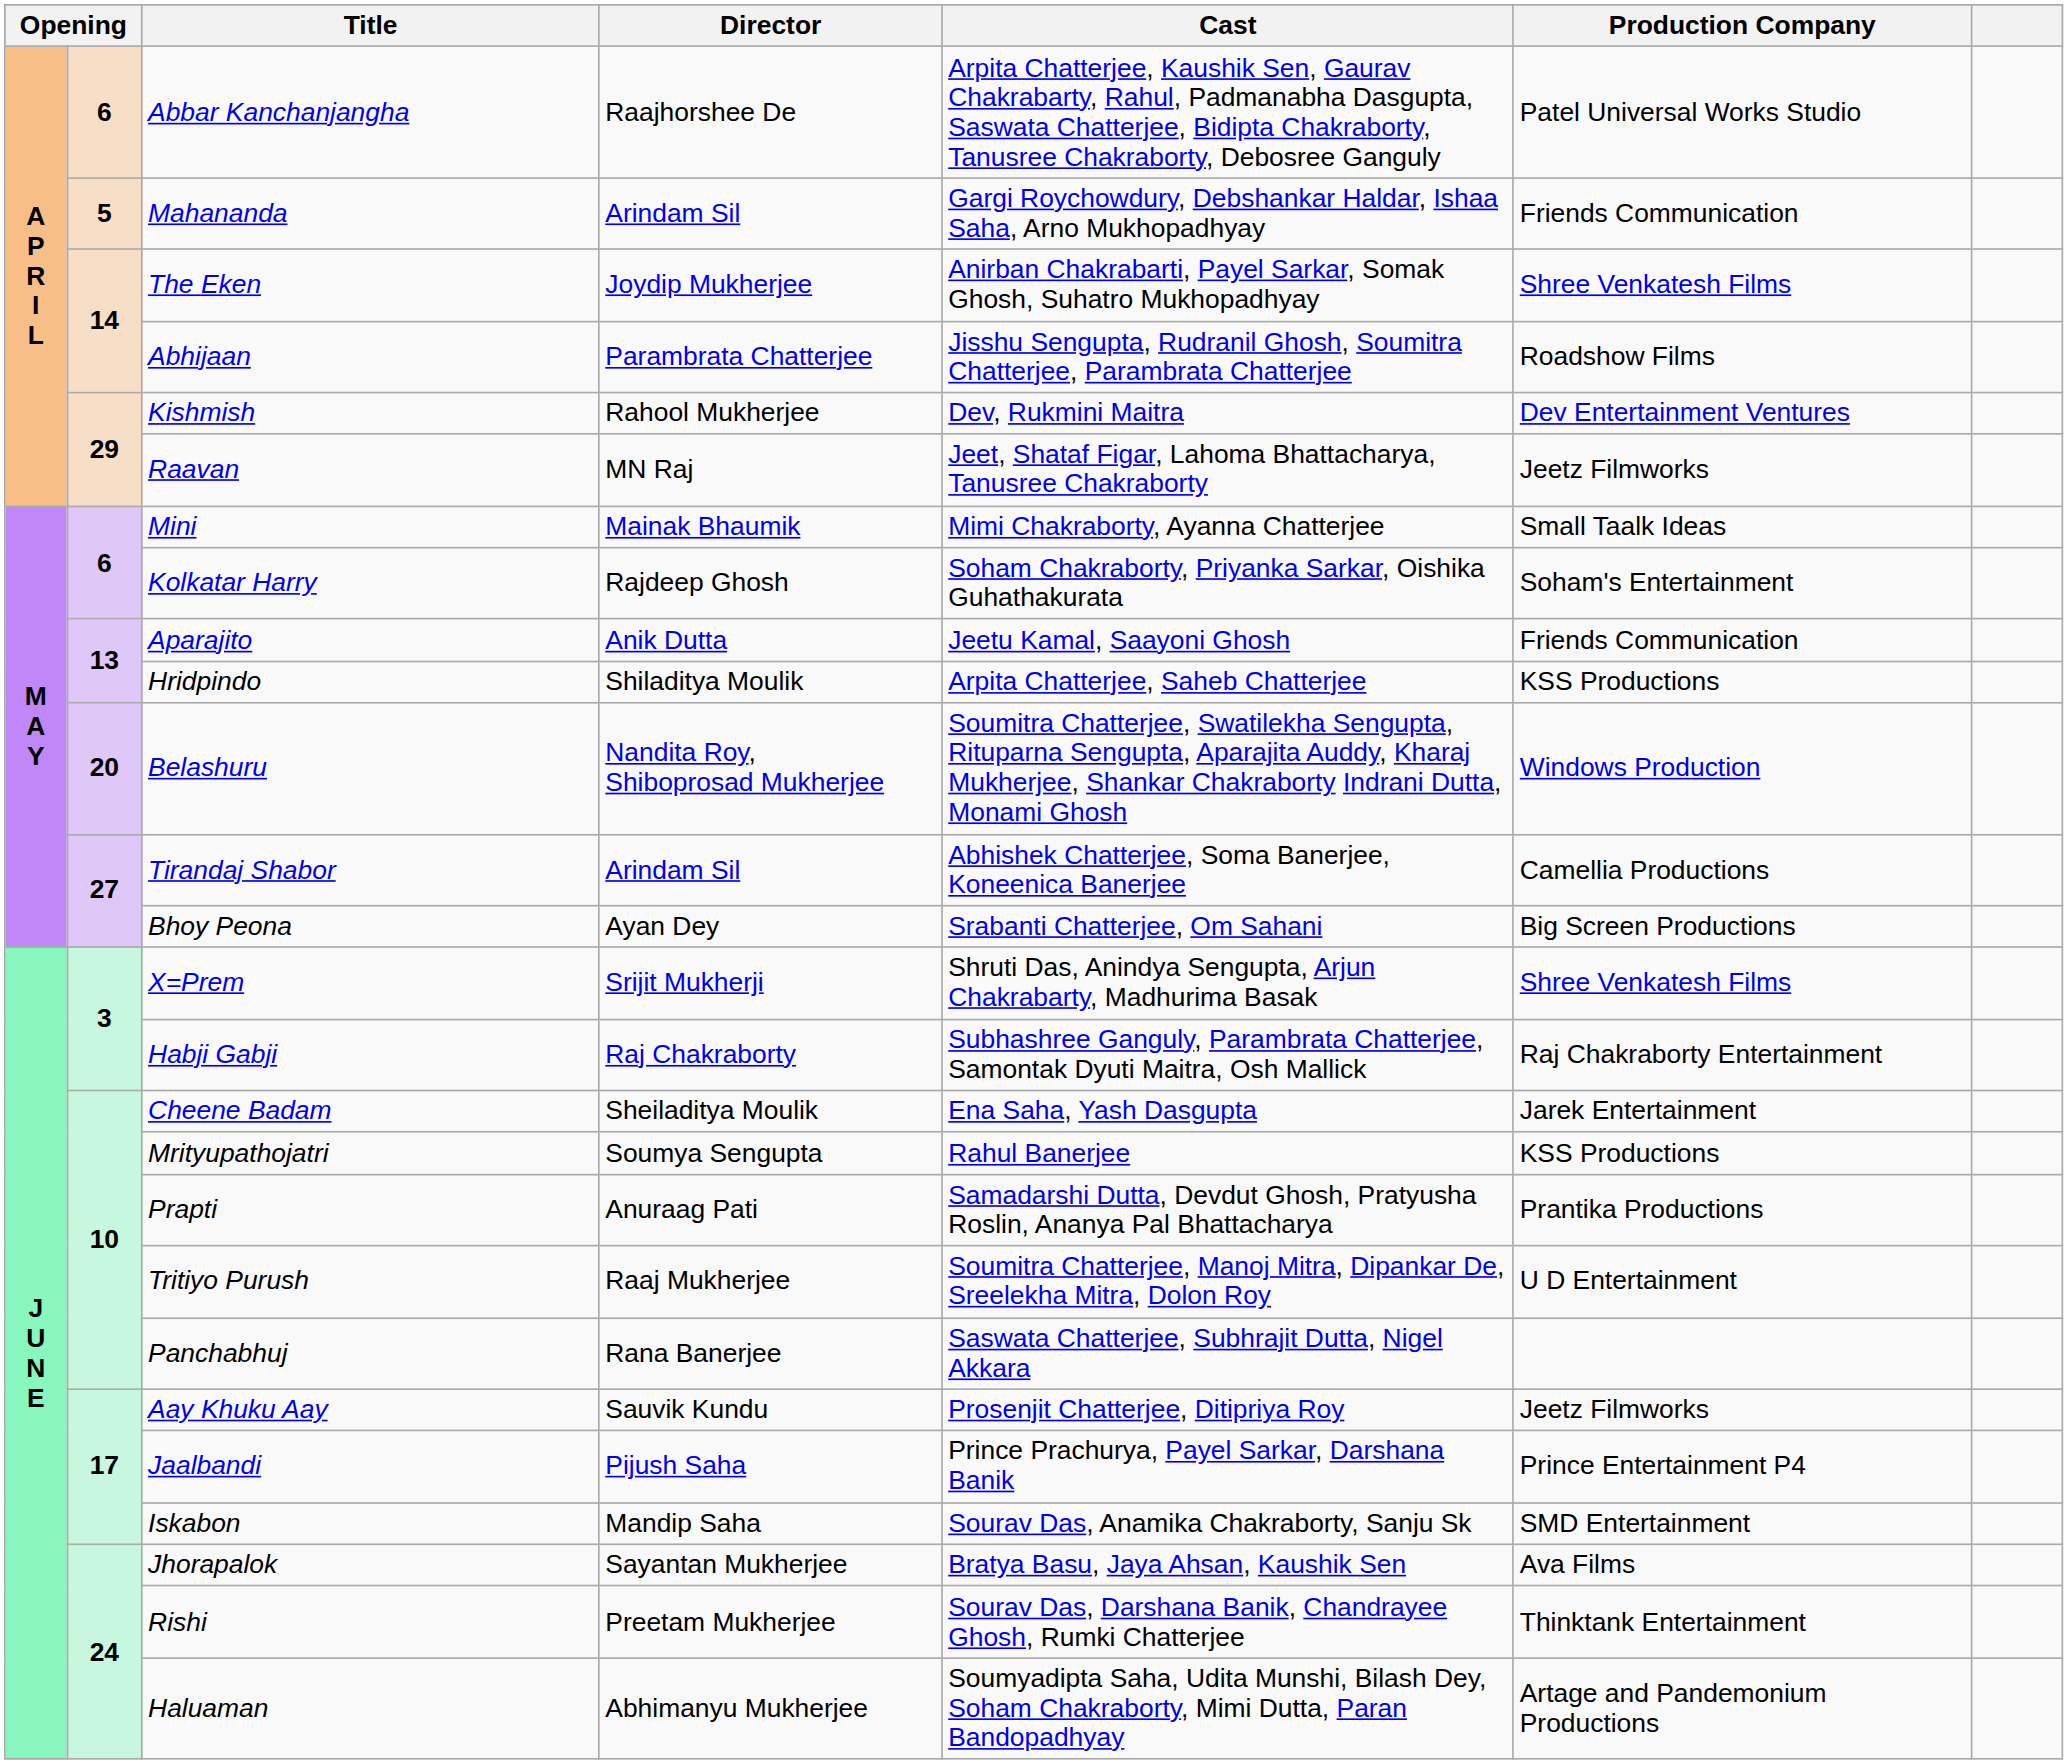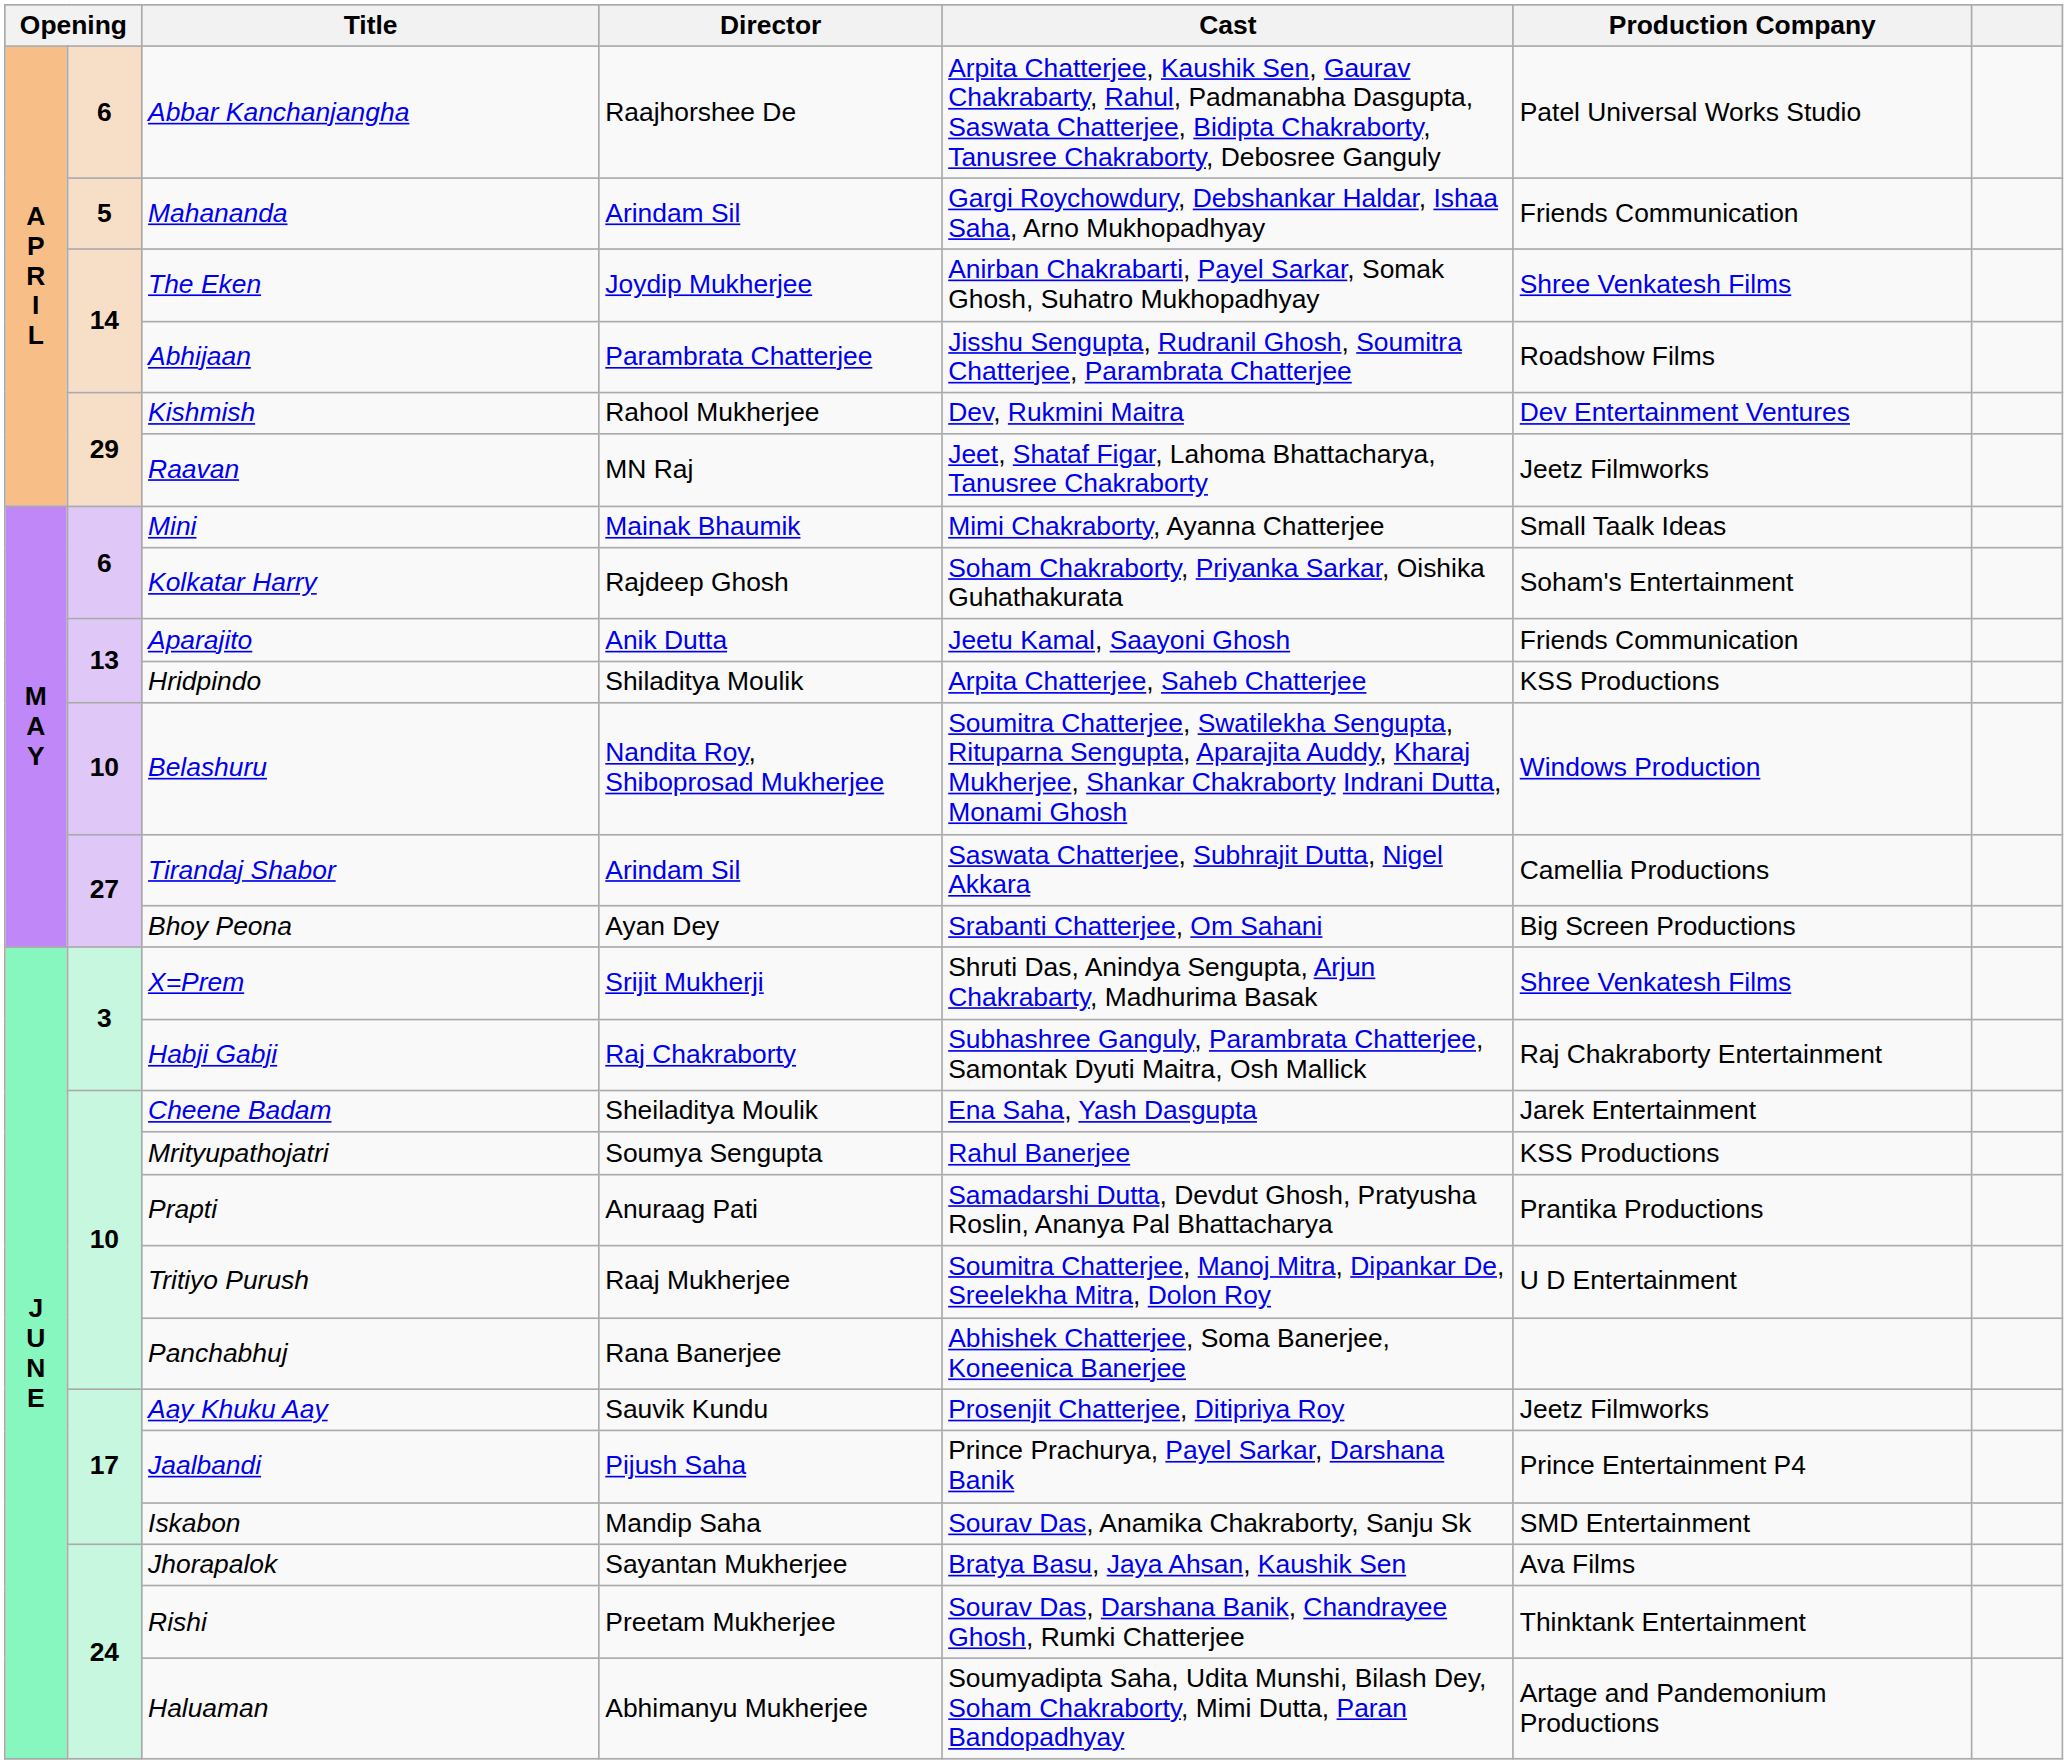 <table class="wikitable sortable">
 <tr style="background:#b0e0e6; text-align:center;">
 <th colspan="2" style="width:6%;"><strong>Opening</strong></th>
 <th style="width:20%;"><strong>Title</strong></th>
 <th style="width:15%;"><strong>Director</strong></th>
 <th style="width:25%;"><strong>Cast</strong></th>
 <th style="width:20%;">Production Company</th>
 <th style="width:4%;"><strong></strong></th>
 </tr>
 <tr>
 <th rowspan="6" style="text-align:center; background:#f7bf87; text color:#000;">A <br>P <br>R <br>I <br>L</th>
 <td rowspan="1" style="text-align:center; background:#f7dfc7"><strong>6</strong></td>
 <td><em><a href='#'>Abbar Kanchanjangha</a></em></td>
 <td>Raajhorshee De</td>
 <td><a href='#'>Arpita Chatterjee</a>, <a href='#'>Kaushik Sen</a>, <a href='#'>Gaurav Chakrabarty</a>, <a href='#'>Rahul</a>, Padmanabha Dasgupta, <a href='#'>Saswata Chatterjee</a>, <a href='#'>Bidipta Chakraborty</a>, <a href='#'>Tanusree Chakraborty</a>, Debosree Ganguly</td>
 <td>Patel Universal Works Studio</td>
 <td></td>
 </tr>
 <tr>
 <td rowspan="1" style="text-align:center; background:#f7dfc7"><strong>5</strong></td>
 <td><em><a href='#'>Mahananda</a></em></td>
 <td><a href='#'>Arindam Sil</a></td>
 <td><a href='#'>Gargi Roychowdury</a>, <a href='#'>Debshankar Haldar</a>, <a href='#'>Ishaa Saha</a>, Arno Mukhopadhyay</td>
 <td>Friends Communication</td>
 <td></td>
 </tr>
 <tr>
 <td rowspan="2" style="text-align:center; background:#f7dfc7"><strong>14</strong></td>
 <td><em><a href='#'>The Eken</a></em></td>
 <td><a href='#'>Joydip Mukherjee</a></td>
 <td><a href='#'>Anirban Chakrabarti</a>, <a href='#'>Payel Sarkar</a>, Somak Ghosh, Suhatro Mukhopadhyay</td>
 <td><a href='#'>Shree Venkatesh Films</a></td>
 <td></td>
 </tr>
 <tr>
 <td><em><a href='#'>Abhijaan</a></em></td>
 <td><a href='#'>Parambrata Chatterjee</a></td>
 <td><a href='#'>Jisshu Sengupta</a>, <a href='#'>Rudranil Ghosh</a>, <a href='#'>Soumitra Chatterjee</a>, <a href='#'>Parambrata Chatterjee</a></td>
 <td>Roadshow Films</td>
 <td></td>
 </tr>
 <tr>
 <td rowspan="2" style="text-align:center; background:#f7dfc7"><strong>29</strong></td>
 <td><em><a href='#'>Kishmish</a></em></td>
 <td>Rahool Mukherjee</td>
 <td><a href='#'>Dev</a>, <a href='#'>Rukmini Maitra</a></td>
 <td><a href='#'>Dev Entertainment Ventures</a></td>
 <td></td>
 </tr>
 <tr>
 <td><em><a href='#'>Raavan</a></em></td>
 <td>MN Raj</td>
 <td><a href='#'>Jeet</a>, <a href='#'>Shataf Figar</a>, Lahoma Bhattacharya, <a href='#'>Tanusree Chakraborty</a></td>
 <td>Jeetz Filmworks</td>
 <td></td>
 </tr>
 <tr>
 <th rowspan="7" style="text-align:center; background:#bf87f7">M<br>A<br>Y</th>
 <td rowspan="2" style="text-align:center; background:#dfc7f7"><strong>6</strong></td>
 <td><em><a href='#'>Mini</a></em></td>
 <td><a href='#'>Mainak Bhaumik</a></td>
 <td><a href='#'>Mimi Chakraborty</a>, Ayanna Chatterjee</td>
 <td>Small Taalk Ideas</td>
 <td></td>
 </tr>
 <tr>
 <td><em><a href='#'>Kolkatar Harry</a></em></td>
 <td>Rajdeep Ghosh</td>
 <td><a href='#'>Soham Chakraborty</a>, <a href='#'>Priyanka Sarkar</a>, Oishika Guhathakurata</td>
 <td>Soham's Entertainment</td>
 <td></td>
 </tr>
 <tr>
 <td rowspan="2" style="text-align:center; background:#dfc7f7"><strong>13</strong></td>
 <td><em><a href='#'>Aparajito</a></em></td>
 <td><a href='#'>Anik Dutta</a></td>
 <td><a href='#'>Jeetu Kamal</a>, <a href='#'>Saayoni Ghosh</a></td>
 <td>Friends Communication</td>
 <td></td>
 </tr>
 <tr>
 <td><em>Hridpindo</em></td>
 <td>Shiladitya Moulik</td>
 <td><a href='#'>Arpita Chatterjee</a>, <a href='#'>Saheb Chatterjee</a></td>
 <td>KSS Productions</td>
 <td></td>
 </tr>
 <tr>
-<td rowspan="1" style="text-align:center; background:#dfc7f7"><strong>20</strong></td>
+<td rowspan="1" style="text-align:center; background:#dfc7f7"><strong>10</strong></td>
 <td><em><a href='#'>Belashuru</a></em></td>
 <td><a href='#'>Nandita Roy</a>,<br><a href='#'>Shiboprosad Mukherjee</a></td>
 <td><a href='#'>Soumitra Chatterjee</a>, <a href='#'>Swatilekha Sengupta</a>, <a href='#'>Rituparna Sengupta</a>, <a href='#'>Aparajita Auddy</a>, <a href='#'>Kharaj Mukherjee</a>, <a href='#'>Shankar Chakraborty</a> <a href='#'>Indrani Dutta</a>, <a href='#'>Monami Ghosh</a></td>
 <td><a href='#'>Windows Production</a></td>
 <td></td>
 </tr>
 <tr>
 <td rowspan="2" style="text-align:center; background:#dfc7f7"><strong>27</strong></td>
 <td><em><a href='#'>Tirandaj Shabor</a></em></td>
 <td><a href='#'>Arindam Sil</a></td>
-<td><a href='#'>Abhishek Chatterjee</a>, Soma Banerjee, <a href='#'>Koneenica Banerjee</a></td>
+<td><a href='#'>Saswata Chatterjee</a>, <a href='#'>Subhrajit Dutta</a>, <a href='#'>Nigel Akkara</a></td>
 <td>Camellia Productions</td>
 <td></td>
 </tr>
 <tr>
 <td><em>Bhoy Peona</em></td>
 <td>Ayan Dey</td>
 <td><a href='#'>Srabanti Chatterjee</a>, <a href='#'>Om Sahani</a></td>
 <td>Big Screen Productions</td>
 <td></td>
 </tr>
 <tr>
 <th rowspan="13" style="text-align:center; background:#87f7bf">J<br>U<br>N<br>E</th>
 <td rowspan="2" style="text-align:center; background:#c7f7df"><strong>3</strong></td>
 <td><em><a href='#'>X=Prem</a></em></td>
 <td><a href='#'>Srijit Mukherji</a></td>
 <td>Shruti Das, Anindya Sengupta, <a href='#'>Arjun Chakrabarty</a>, Madhurima Basak</td>
 <td><a href='#'>Shree Venkatesh Films</a></td>
 <td></td>
 </tr>
 <tr>
 <td><em><a href='#'>Habji Gabji</a></em></td>
 <td><a href='#'>Raj Chakraborty</a></td>
 <td><a href='#'>Subhashree Ganguly</a>, <a href='#'>Parambrata Chatterjee</a>, Samontak Dyuti Maitra, Osh Mallick</td>
 <td>Raj Chakraborty Entertainment</td>
 <td></td>
 </tr>
 <tr>
 <td rowspan="5" style="text-align:center; background:#c7f7df"><strong>10</strong></td>
 <td><em><a href='#'>Cheene Badam</a></em></td>
 <td>Sheiladitya Moulik</td>
 <td><a href='#'>Ena Saha</a>, <a href='#'>Yash Dasgupta</a></td>
 <td>Jarek Entertainment</td>
 <td></td>
 </tr>
 <tr>
 <td><em>Mrityupathojatri</em></td>
 <td>Soumya Sengupta</td>
 <td><a href='#'>Rahul Banerjee</a></td>
 <td>KSS Productions</td>
 <td></td>
 </tr>
 <tr>
 <td><em>Prapti</em></td>
 <td>Anuraag Pati</td>
 <td><a href='#'>Samadarshi Dutta</a>, Devdut Ghosh, Pratyusha Roslin, Ananya Pal Bhattacharya</td>
 <td>Prantika Productions</td>
 <td></td>
 </tr>
 <tr>
 <td><em>Tritiyo Purush</em></td>
 <td>Raaj Mukherjee</td>
 <td><a href='#'>Soumitra Chatterjee</a>, <a href='#'>Manoj Mitra</a>, <a href='#'>Dipankar De</a>, <a href='#'>Sreelekha Mitra</a>, <a href='#'>Dolon Roy</a></td>
 <td>U D Entertainment</td>
 <td></td>
 </tr>
 <tr>
 <td><em>Panchabhuj</em></td>
 <td>Rana Banerjee</td>
-<td><a href='#'>Saswata Chatterjee</a>, <a href='#'>Subhrajit Dutta</a>, <a href='#'>Nigel Akkara</a></td>
+<td><a href='#'>Abhishek Chatterjee</a>, Soma Banerjee, <a href='#'>Koneenica Banerjee</a></td>
 <td></td>
 <td></td>
 </tr>
 <tr>
 <td rowspan="3" style="text-align:center; background:#c7f7df"><strong>17</strong></td>
 <td><em><a href='#'>Aay Khuku Aay</a></em></td>
 <td>Sauvik Kundu</td>
 <td><a href='#'>Prosenjit Chatterjee</a>, <a href='#'>Ditipriya Roy</a></td>
 <td>Jeetz Filmworks</td>
 <td></td>
 </tr>
 <tr>
 <td><em><a href='#'>Jaalbandi</a></em></td>
 <td><a href='#'>Pijush Saha</a></td>
 <td>Prince Prachurya, <a href='#'>Payel Sarkar</a>, <a href='#'>Darshana Banik</a></td>
 <td>Prince Entertainment P4</td>
 <td></td>
 </tr>
 <tr>
 <td><em>Iskabon</em></td>
 <td>Mandip Saha</td>
 <td><a href='#'>Sourav Das</a>, Anamika Chakraborty, Sanju Sk</td>
 <td>SMD Entertainment</td>
 <td></td>
 </tr>
 <tr>
 <td rowspan="4" style="text-align:center; background:#c7f7df"><strong>24</strong></td>
 <td><em>Jhorapalok</em></td>
 <td>Sayantan Mukherjee</td>
 <td><a href='#'>Bratya Basu</a>, <a href='#'>Jaya Ahsan</a>, <a href='#'>Kaushik Sen</a></td>
 <td>Ava Films</td>
 <td></td>
 </tr>
 <tr>
 <td><em>Rishi</em></td>
 <td>Preetam Mukherjee</td>
 <td><a href='#'>Sourav Das</a>, <a href='#'>Darshana Banik</a>, <a href='#'>Chandrayee Ghosh</a>, Rumki Chatterjee</td>
 <td>Thinktank Entertainment</td>
 <td></td>
 </tr>
 <tr>
 <td><em>Haluaman</em></td>
 <td>Abhimanyu Mukherjee</td>
 <td>Soumyadipta Saha, Udita Munshi, Bilash Dey, <a href='#'>Soham Chakraborty</a>, Mimi Dutta, <a href='#'>Paran Bandopadhyay</a></td>
 <td>Artage and Pandemonium Productions</td>
 <td></td>
 </tr>
 </table>
